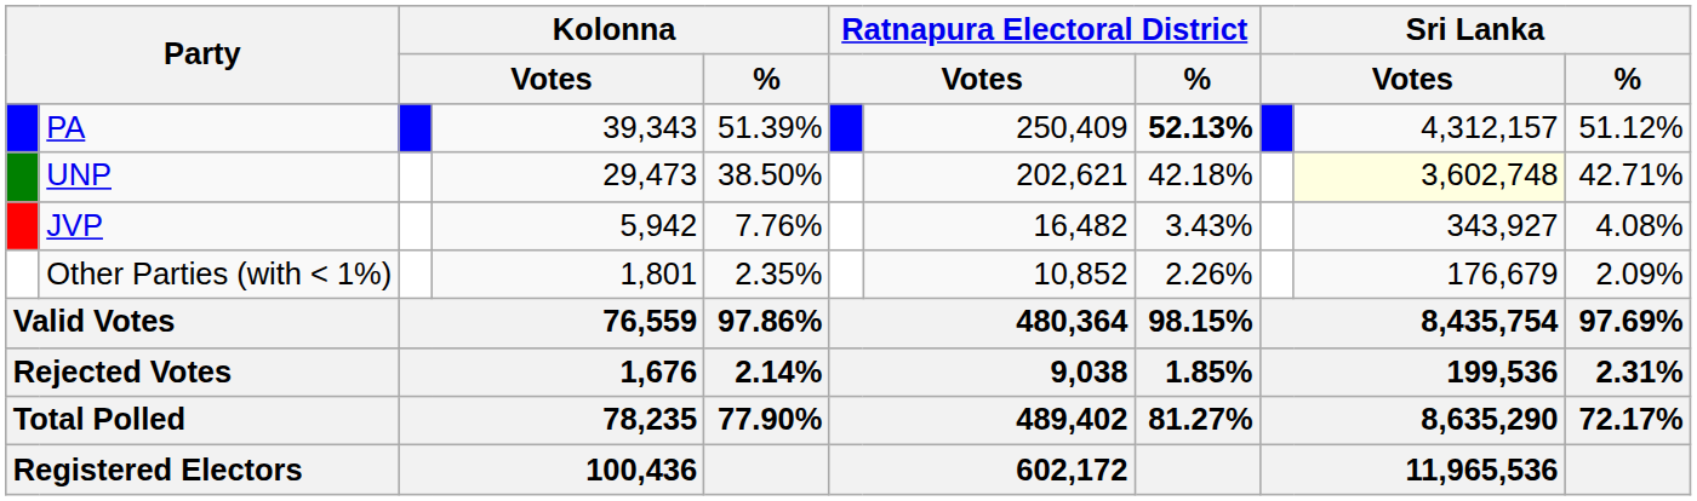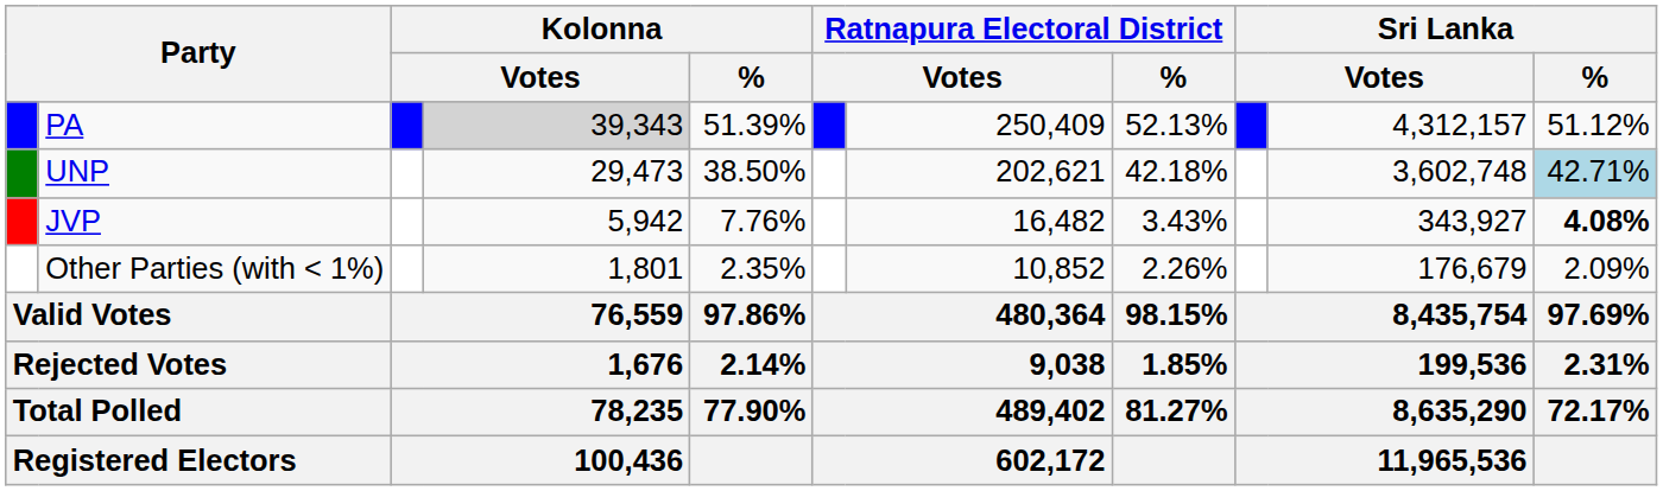 <table class="wikitable">
 <tr>
 <th colspan="2" width="144px"rowspan="2">Party</th>
 <th colspan="3" width="216px">Kolonna</th>
 <th colspan="3" width="216px"><a href='#'>Ratnapura Electoral District</a></th>
 <th colspan="3" width="216px">Sri Lanka</th>
 </tr>
 <tr>
 <th colspan="2" width="144px">Votes</th>
 <th>%</th>
 <th colspan="2" width="144px">Votes</th>
 <th>%</th>
 <th colspan="2" width="144px">Votes</th>
 <th>%</th>
 </tr>
 <tr>
 <td style="background-color:blue;" width="10px"></td>
 <td style="text-align:left;"><a href='#'>PA</a></td>
 <td style="background-color:blue;" width="10px"></td>
-<td style="text-align:right;">39,343</td>
+<td style="background: lightgrey; text-align:right;">39,343</td>
 <td style="text-align:right;">51.39%</td>
 <td style="background-color:blue;" width="10px"></td>
 <td style="text-align:right;">250,409</td>
-<td style="text-align:right;"><strong>52.13%</strong></td>
+<td style="text-align:right;">52.13%</td>
 <td style="background-color:blue;" width="10px"></td>
 <td style="text-align:right;">4,312,157</td>
 <td style="text-align:right;">51.12%</td>
 </tr>
 <tr>
 <td style="background-color:green;" width="10px"></td>
 <td style="text-align:left;"><a href='#'>UNP</a></td>
 <td style="background-color:white;" width="10px"></td>
 <td style="text-align:right;">29,473</td>
 <td style="text-align:right;">38.50%</td>
 <td style="background-color:white;" width="10px"></td>
 <td style="text-align:right;">202,621</td>
 <td style="text-align:right;">42.18%</td>
 <td style="background-color:white;" width="10px"></td>
-<td style="background: lightyellow; text-align:right;">3,602,748</td>
-<td style="text-align:right;">42.71%</td>
+<td style="text-align:right;">3,602,748</td>
+<td style="background: lightblue; text-align:right;">42.71%</td>
 </tr>
 <tr>
 <td style="background-color:red;" width="10px"></td>
 <td style="text-align:left;"><a href='#'>JVP</a></td>
 <td style="background-color:white;" width="10px"></td>
 <td style="text-align:right;">5,942</td>
 <td style="text-align:right;">7.76%</td>
 <td style="background-color:white;" width="10px"></td>
 <td style="text-align:right;">16,482</td>
 <td style="text-align:right;">3.43%</td>
 <td style="background-color:white;" width="10px"></td>
 <td style="text-align:right;">343,927</td>
-<td style="text-align:right;">4.08%</td>
+<td style="text-align:right;"><strong>4.08%</strong></td>
 </tr>
 <tr>
 <td style="background-color:white;" width="10px"></td>
 <td style="text-align:left;">Other Parties (with < 1%)</td>
 <td style="background-color:white;" width="10px"></td>
 <td style="text-align:right;">1,801</td>
 <td style="text-align:right;">2.35%</td>
 <td style="background-color:white;" width="10px"></td>
 <td style="text-align:right;">10,852</td>
 <td style="text-align:right;">2.26%</td>
 <td style="background-color:white;" width="10px"></td>
 <td style="text-align:right;">176,679</td>
 <td style="text-align:right;">2.09%</td>
 </tr>
 <tr>
 <th colspan="2" width="144px"style="text-align:left;">Valid Votes</th>
 <th style="text-align:right;"colspan="2" width="144px">76,559</th>
 <th style="text-align:right;">97.86%</th>
 <th style="text-align:right;"colspan="2" width="144px">480,364</th>
 <th style="text-align:right;">98.15%</th>
 <th style="text-align:right;"colspan="2" width="144px">8,435,754</th>
 <th style="text-align:right;">97.69%</th>
 </tr>
 <tr>
 <th colspan="2" width="144px"style="text-align:left;">Rejected Votes</th>
 <th style="text-align:right;"colspan="2" width="144px">1,676</th>
 <th style="text-align:right;">2.14%</th>
 <th style="text-align:right;"colspan="2" width="144px">9,038</th>
 <th style="text-align:right;">1.85%</th>
 <th style="text-align:right;"colspan="2" width="144px">199,536</th>
 <th style="text-align:right;">2.31%</th>
 </tr>
 <tr>
 <th colspan="2" width="144px"style="text-align:left;">Total Polled</th>
 <th style="text-align:right;"colspan="2" width="144px">78,235</th>
 <th style="text-align:right;">77.90%</th>
 <th style="text-align:right;"colspan="2" width="144px">489,402</th>
 <th style="text-align:right;">81.27%</th>
 <th style="text-align:right;"colspan="2" width="144px">8,635,290</th>
 <th style="text-align:right;">72.17%</th>
 </tr>
 <tr>
 <th colspan="2" width="144px"style="text-align:left;">Registered Electors</th>
 <th style="text-align:right;"colspan="2" width="144px">100,436</th>
 <th></th>
 <th style="text-align:right;"colspan="2" width="144px">602,172</th>
 <th></th>
 <th style="text-align:right;"colspan="2" width="144px">11,965,536</th>
 <th></th>
 </tr>
 </table>
